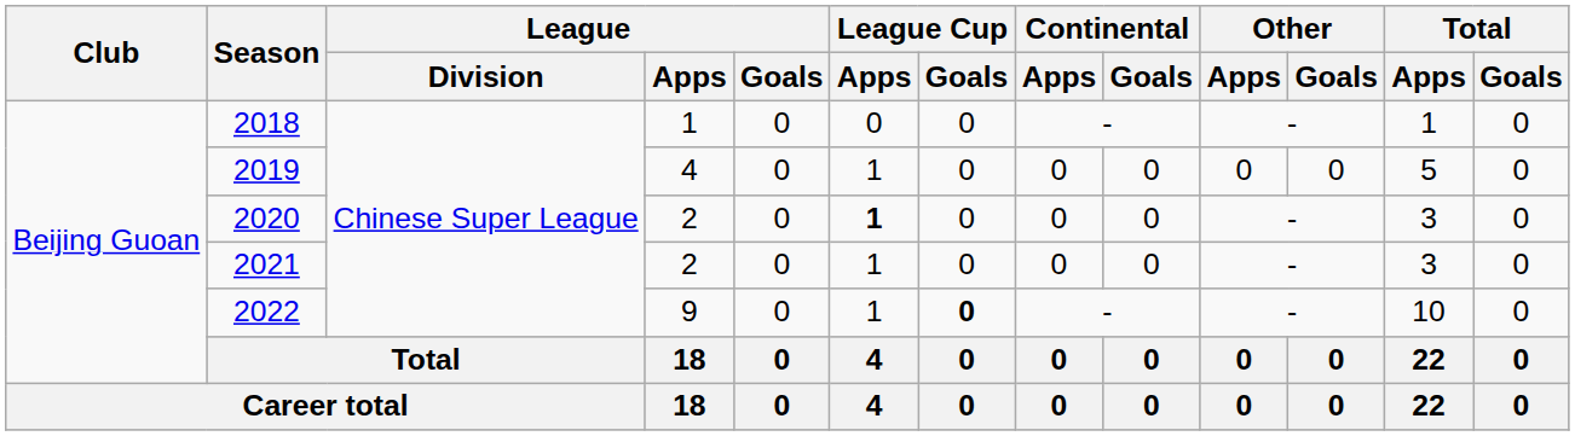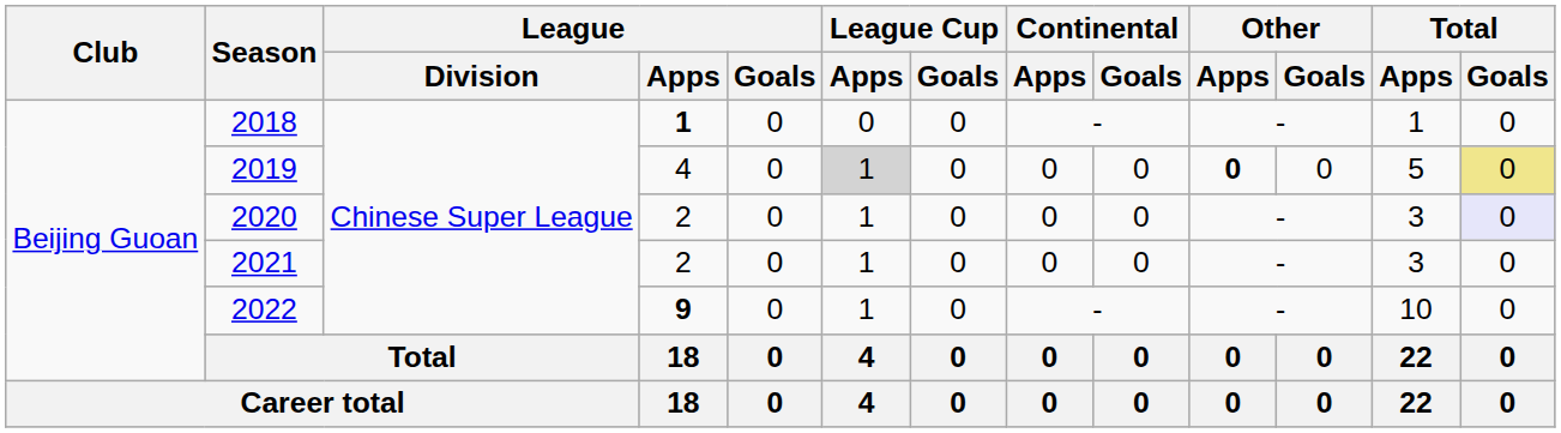 <table class="wikitable" style="text-align: center">
 <tr>
 <th rowspan="2">Club</th>
 <th rowspan="2">Season</th>
 <th colspan="3">League</th>
 <th colspan="2">League Cup</th>
 <th colspan="2">Continental</th>
 <th colspan="2">Other</th>
 <th colspan="2">Total</th>
 </tr>
 <tr>
 <th>Division</th>
 <th>Apps</th>
 <th>Goals</th>
 <th>Apps</th>
 <th>Goals</th>
 <th>Apps</th>
 <th>Goals</th>
 <th>Apps</th>
 <th>Goals</th>
 <th>Apps</th>
 <th>Goals</th>
 </tr>
 <tr>
 <td rowspan="6"><a href='#'>Beijing Guoan</a></td>
 <td><a href='#'>2018</a></td>
 <td rowspan="5"><a href='#'>Chinese Super League</a></td>
-<td>1</td>
+<td><strong>1</strong></td>
 <td>0</td>
 <td>0</td>
 <td>0</td>
 <td colspan="2">-</td>
 <td colspan="2">-</td>
 <td>1</td>
 <td>0</td>
 </tr>
 <tr>
 <td><a href='#'>2019</a></td>
 <td>4</td>
 <td>0</td>
-<td>1</td>
+<td style="background: lightgrey;">1</td>
 <td>0</td>
 <td>0</td>
 <td>0</td>
-<td>0</td>
+<td><strong>0</strong></td>
 <td>0</td>
 <td>5</td>
-<td>0</td>
+<td style="background: khaki;">0</td>
 </tr>
 <tr>
 <td><a href='#'>2020</a></td>
 <td>2</td>
 <td>0</td>
-<td><strong>1</strong></td>
+<td>1</td>
 <td>0</td>
 <td>0</td>
 <td>0</td>
 <td colspan="2">-</td>
 <td>3</td>
-<td>0</td>
+<td style="background: lavender;">0</td>
 </tr>
 <tr>
 <td><a href='#'>2021</a></td>
 <td>2</td>
 <td>0</td>
 <td>1</td>
 <td>0</td>
 <td>0</td>
 <td>0</td>
 <td colspan="2">-</td>
 <td>3</td>
 <td>0</td>
 </tr>
 <tr>
 <td><a href='#'>2022</a></td>
-<td>9</td>
+<td><strong>9</strong></td>
 <td>0</td>
 <td>1</td>
-<td><strong>0</strong></td>
+<td>0</td>
 <td colspan="2">-</td>
 <td colspan="2">-</td>
 <td>10</td>
 <td>0</td>
 </tr>
 <tr>
 <th colspan="2"><strong>Total</strong></th>
 <th>18</th>
 <th>0</th>
 <th>4</th>
 <th>0</th>
 <th>0</th>
 <th>0</th>
 <th>0</th>
 <th>0</th>
 <th>22</th>
 <th>0</th>
 </tr>
 <tr>
 <th colspan="3">Career total</th>
 <th>18</th>
 <th>0</th>
 <th>4</th>
 <th>0</th>
 <th>0</th>
 <th>0</th>
 <th>0</th>
 <th>0</th>
 <th>22</th>
 <th>0</th>
 </tr>
 </table>
